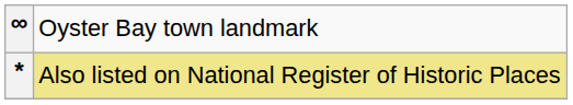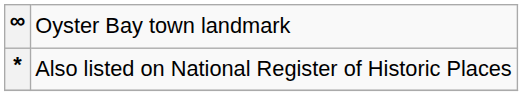 <table class="wikitable">
 <tr>
 <th><strong><sup><big>∞</big></sup></strong></th>
 <td>Oyster Bay town landmark</td>
 </tr>
 <tr>
 <th><strong><sup><big>*</big></sup></strong></th>
-<td style="background: khaki;">Also listed on National Register of Historic Places</td>
+<td>Also listed on National Register of Historic Places</td>
 </tr>
 <tr>
 </tr>
 </table>
